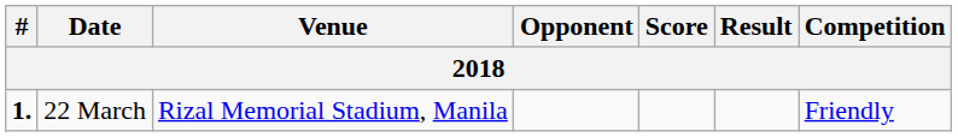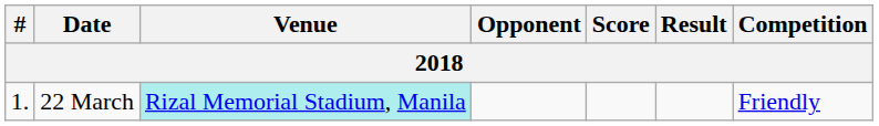 <table class="wikitable">
 <tr>
 <th>#</th>
 <th>Date</th>
 <th>Venue</th>
 <th>Opponent</th>
 <th>Score</th>
 <th>Result</th>
 <th>Competition</th>
 </tr>
 <tr>
 <th colspan=7>2018</th>
 </tr>
 <tr>
-<td><strong>1.</strong></td>
+<td>1.</td>
 <td>22 March</td>
-<td><a href='#'>Rizal Memorial Stadium</a>, <a href='#'>Manila</a></td>
+<td style="background: paleturquoise;"><a href='#'>Rizal Memorial Stadium</a>, <a href='#'>Manila</a></td>
 <td></td>
 <td></td>
 <td></td>
 <td><a href='#'>Friendly</a></td>
 </tr>
 </table>
